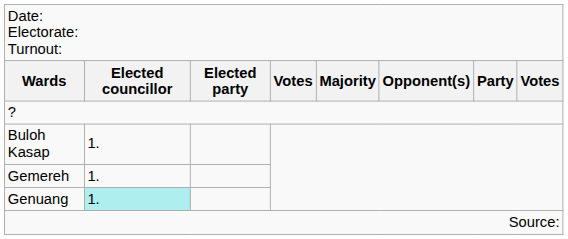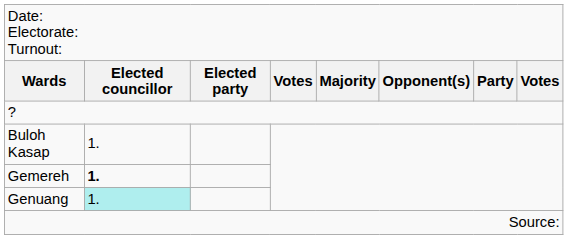 <table class=wikitable>
 <tr>
 <td colspan=8>Date: <br>Electorate: <br>Turnout:</td>
 </tr>
 <tr>
 <th>Wards</th>
 <th>Elected councillor</th>
 <th>Elected party</th>
 <th>Votes</th>
 <th>Majority</th>
 <th>Opponent(s)</th>
 <th>Party</th>
 <th>Votes</th>
 </tr>
 <tr>
 <td colspan=8>? </td>
 </tr>
 <tr>
 <td>Buloh Kasap</td>
 <td>1.</td>
 <td></td>
 </tr>
 <tr>
 <td>Gemereh</td>
-<td>1.</td>
+<td><strong>1.</strong></td>
 <td></td>
 </tr>
 <tr>
 <td>Genuang</td>
 <td style="background: paleturquoise;">1.</td>
 <td></td>
 </tr>
 <tr>
 <td colspan="8" style="text-align:right;">Source: </td>
 </tr>
 </table>
